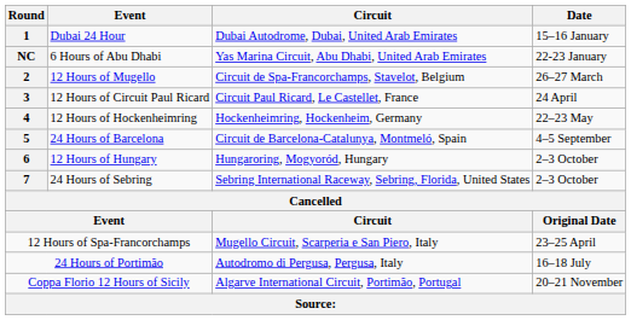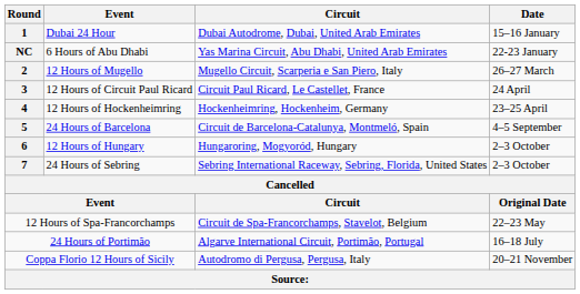 <table class="wikitable" style="font-size: 85%;">
 <tr>
 <th>Round</th>
 <th>Event</th>
 <th>Circuit</th>
 <th>Date</th>
 </tr>
 <tr>
 <th>1</th>
 <td><a href='#'>Dubai 24 Hour</a></td>
 <td> <a href='#'>Dubai Autodrome</a>, <a href='#'>Dubai</a>, <a href='#'>United Arab Emirates</a></td>
 <td>15–16 January</td>
 </tr>
 <tr>
 <th>NC</th>
 <td>6 Hours of Abu Dhabi</td>
 <td> <a href='#'>Yas Marina Circuit</a>, <a href='#'>Abu Dhabi</a>, <a href='#'>United Arab Emirates</a></td>
 <td>22-23 January</td>
 </tr>
 <tr>
 <th>2</th>
 <td><a href='#'>12 Hours of Mugello</a></td>
-<td> <a href='#'>Circuit de Spa-Francorchamps</a>, <a href='#'>Stavelot</a>, Belgium</td>
+<td> <a href='#'>Mugello Circuit</a>, <a href='#'>Scarperia e San Piero</a>, Italy</td>
 <td>26–27 March</td>
 </tr>
 <tr>
 <th>3</th>
 <td>12 Hours of Circuit Paul Ricard</td>
 <td> <a href='#'>Circuit Paul Ricard</a>, <a href='#'>Le Castellet</a>, France</td>
 <td>24 April</td>
 </tr>
 <tr>
 <th>4</th>
 <td>12 Hours of Hockenheimring</td>
 <td> <a href='#'>Hockenheimring</a>, <a href='#'>Hockenheim</a>, Germany</td>
-<td>22–23 May</td>
+<td>23–25 April</td>
 </tr>
 <tr>
 <th>5</th>
 <td><a href='#'>24 Hours of Barcelona</a></td>
 <td> <a href='#'>Circuit de Barcelona-Catalunya</a>, <a href='#'>Montmeló</a>, Spain</td>
 <td>4–5 September</td>
 </tr>
 <tr>
 <th>6</th>
 <td><a href='#'>12 Hours of Hungary</a></td>
 <td> <a href='#'>Hungaroring</a>, <a href='#'>Mogyoród</a>, Hungary</td>
 <td>2–3 October</td>
 </tr>
 <tr>
 <th>7</th>
 <td>24 Hours of Sebring</td>
 <td> <a href='#'>Sebring International Raceway</a>, <a href='#'>Sebring, Florida</a>, United States</td>
 <td>2–3 October</td>
 </tr>
 <tr>
 <th colspan=4>Cancelled</th>
 </tr>
 <tr>
 <th colspan=2>Event</th>
 <th>Circuit</th>
 <th>Original Date</th>
 </tr>
 <tr>
 <td colspan=2 align=center>12 Hours of Spa-Francorchamps</td>
-<td> <a href='#'>Mugello Circuit</a>, <a href='#'>Scarperia e San Piero</a>, Italy</td>
-<td>23–25 April</td>
+<td> <a href='#'>Circuit de Spa-Francorchamps</a>, <a href='#'>Stavelot</a>, Belgium</td>
+<td>22–23 May</td>
 </tr>
 <tr>
 <td colspan=2 align=center><a href='#'>24 Hours of Portimão</a></td>
-<td> <a href='#'>Autodromo di Pergusa</a>, <a href='#'>Pergusa</a>, Italy</td>
+<td> <a href='#'>Algarve International Circuit</a>, <a href='#'>Portimão</a>, <a href='#'>Portugal</a></td>
 <td>16–18 July</td>
 </tr>
 <tr>
 <td colspan=2 align=center><a href='#'>Coppa Florio 12 Hours of Sicily</a></td>
-<td> <a href='#'>Algarve International Circuit</a>, <a href='#'>Portimão</a>, <a href='#'>Portugal</a></td>
+<td> <a href='#'>Autodromo di Pergusa</a>, <a href='#'>Pergusa</a>, Italy</td>
 <td>20–21 November</td>
 </tr>
 <tr>
 <th colspan=6>Source:</th>
 </tr>
 </table>
